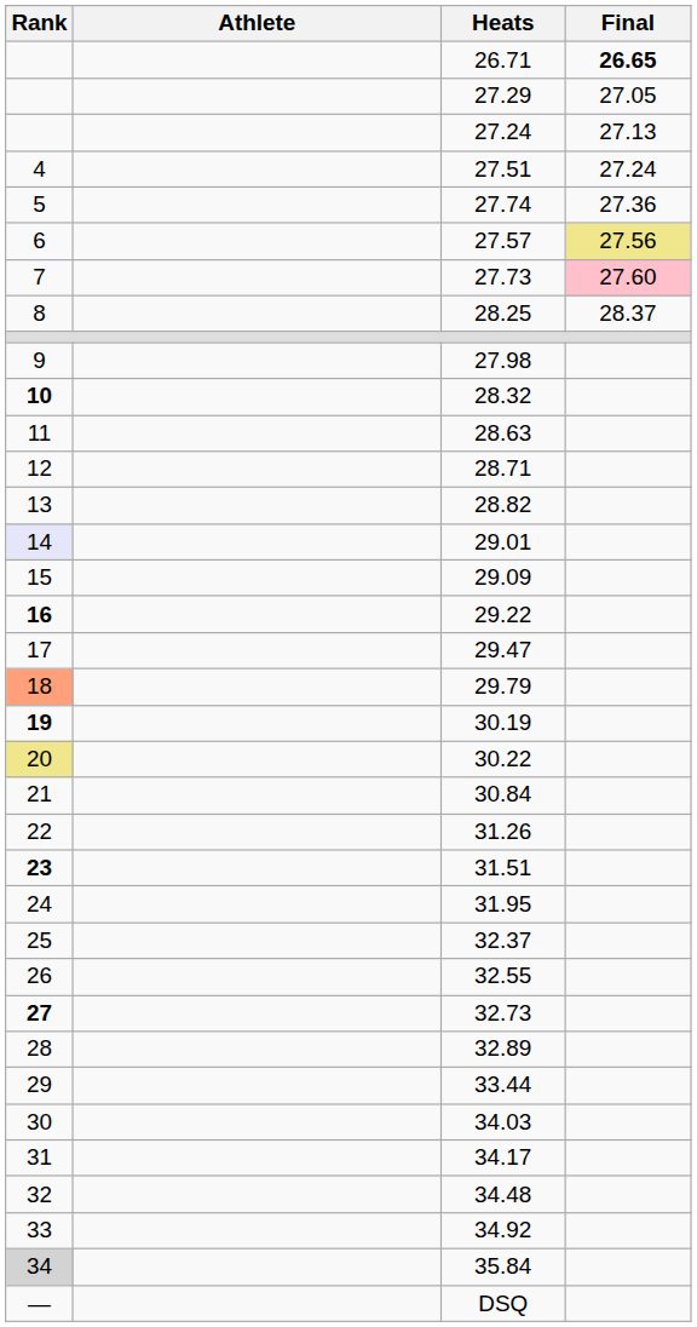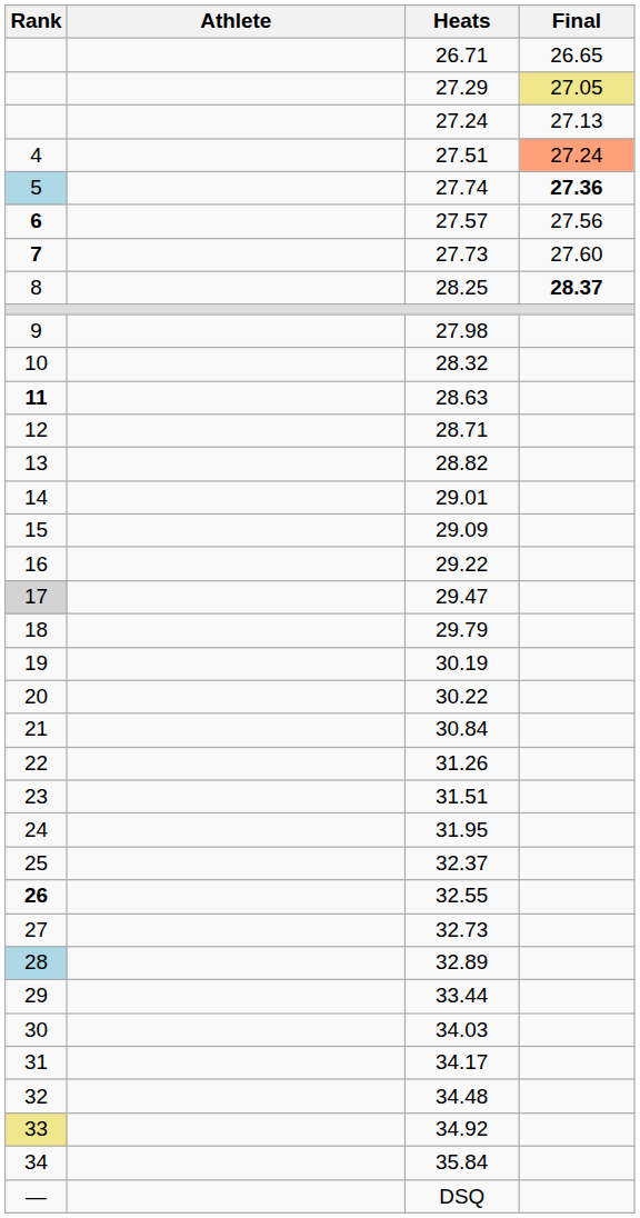 <table class=wikitable style="text-align:center">
 <tr>
 <th width=40>Rank</th>
 <th width=250>Athlete</th>
 <th width=80>Heats</th>
 <th width=80>Final</th>
 </tr>
 <tr>
 <td></td>
 <td align=left></td>
 <td>26.71</td>
-<td><strong>26.65</strong></td>
+<td>26.65</td>
 </tr>
 <tr>
 <td></td>
 <td align=left></td>
 <td>27.29</td>
-<td>27.05</td>
+<td style="background: khaki;">27.05</td>
 </tr>
 <tr>
 <td></td>
 <td align=left></td>
 <td>27.24</td>
 <td>27.13</td>
 </tr>
 <tr>
 <td>4</td>
 <td align=left></td>
 <td>27.51</td>
-<td>27.24</td>
+<td style="background: lightsalmon;">27.24</td>
 </tr>
 <tr>
-<td>5</td>
+<td style="background: lightblue;">5</td>
 <td align=left></td>
 <td>27.74</td>
-<td>27.36</td>
+<td><strong>27.36</strong></td>
 </tr>
 <tr>
-<td>6</td>
+<td><strong>6</strong></td>
 <td align=left></td>
 <td>27.57</td>
-<td style="background: khaki;">27.56</td>
+<td>27.56</td>
 </tr>
 <tr>
-<td>7</td>
+<td><strong>7</strong></td>
 <td align=left></td>
 <td>27.73</td>
-<td style="background: pink;">27.60</td>
+<td>27.60</td>
 </tr>
 <tr>
 <td>8</td>
 <td align=left></td>
 <td>28.25 </td>
-<td>28.37</td>
+<td><strong>28.37</strong></td>
 </tr>
 <tr bgcolor=#DDDDDD>
 <td colspan=4></td>
 </tr>
 <tr>
 <td>9</td>
 <td align=left></td>
 <td>27.98 </td>
 <td></td>
 </tr>
 <tr>
-<td><strong>10</strong></td>
+<td>10</td>
 <td align=left></td>
 <td>28.32</td>
 <td></td>
 </tr>
 <tr>
-<td>11</td>
+<td><strong>11</strong></td>
 <td align=left></td>
 <td>28.63</td>
 <td></td>
 </tr>
 <tr>
 <td>12</td>
 <td align=left></td>
 <td>28.71</td>
 <td></td>
 </tr>
 <tr>
 <td>13</td>
 <td align=left></td>
 <td>28.82</td>
 <td></td>
 </tr>
 <tr>
-<td style="background: lavender;">14</td>
+<td>14</td>
 <td align=left></td>
 <td>29.01</td>
 <td></td>
 </tr>
 <tr>
 <td>15</td>
 <td align=left></td>
 <td>29.09</td>
 <td></td>
 </tr>
 <tr>
-<td><strong>16</strong></td>
+<td>16</td>
 <td align=left></td>
 <td>29.22</td>
 <td></td>
 </tr>
 <tr>
-<td>17</td>
+<td style="background: lightgrey;">17</td>
 <td align=left></td>
 <td>29.47</td>
 <td></td>
 </tr>
 <tr>
-<td style="background: lightsalmon;">18</td>
+<td>18</td>
 <td align=left></td>
 <td>29.79</td>
 <td></td>
 </tr>
 <tr>
-<td><strong>19</strong></td>
+<td>19</td>
 <td align=left></td>
 <td>30.19</td>
 <td></td>
 </tr>
 <tr>
-<td style="background: khaki;">20</td>
+<td>20</td>
 <td align=left></td>
 <td>30.22</td>
 <td></td>
 </tr>
 <tr>
 <td>21</td>
 <td align=left></td>
 <td>30.84</td>
 <td></td>
 </tr>
 <tr>
 <td>22</td>
 <td align=left></td>
 <td>31.26</td>
 <td></td>
 </tr>
 <tr>
-<td><strong>23</strong></td>
+<td>23</td>
 <td align=left></td>
 <td>31.51</td>
 <td></td>
 </tr>
 <tr>
 <td>24</td>
 <td align=left></td>
 <td>31.95</td>
 <td></td>
 </tr>
 <tr>
 <td>25</td>
 <td align=left></td>
 <td>32.37</td>
 <td></td>
 </tr>
 <tr>
-<td>26</td>
+<td><strong>26</strong></td>
 <td align=left></td>
 <td>32.55</td>
 <td></td>
 </tr>
 <tr>
-<td><strong>27</strong></td>
+<td>27</td>
 <td align=left></td>
 <td>32.73</td>
 <td></td>
 </tr>
 <tr>
-<td>28</td>
+<td style="background: lightblue;">28</td>
 <td align=left></td>
 <td>32.89</td>
 <td></td>
 </tr>
 <tr>
 <td>29</td>
 <td align=left></td>
 <td>33.44</td>
 <td></td>
 </tr>
 <tr>
 <td>30</td>
 <td align=left></td>
 <td>34.03</td>
 <td></td>
 </tr>
 <tr>
 <td>31</td>
 <td align=left></td>
 <td>34.17</td>
 <td></td>
 </tr>
 <tr>
 <td>32</td>
 <td align=left></td>
 <td>34.48</td>
 <td></td>
 </tr>
 <tr>
-<td>33</td>
+<td style="background: khaki;">33</td>
 <td align=left></td>
 <td>34.92</td>
 <td></td>
 </tr>
 <tr>
-<td style="background: lightgrey;">34</td>
+<td>34</td>
 <td align=left></td>
 <td>35.84</td>
 <td></td>
 </tr>
 <tr>
 <td>—</td>
 <td align=left></td>
 <td>DSQ</td>
 <td></td>
 </tr>
 </table>
